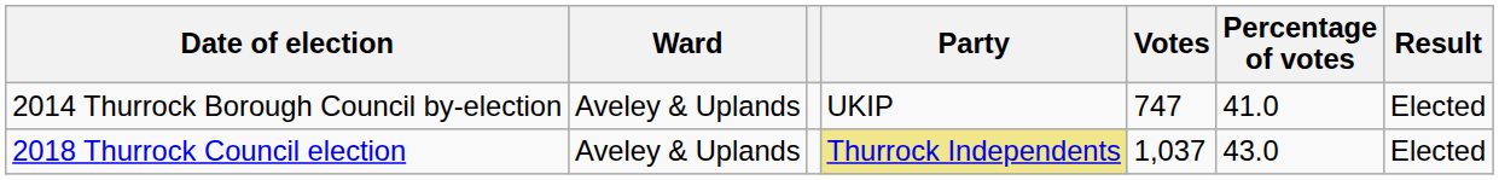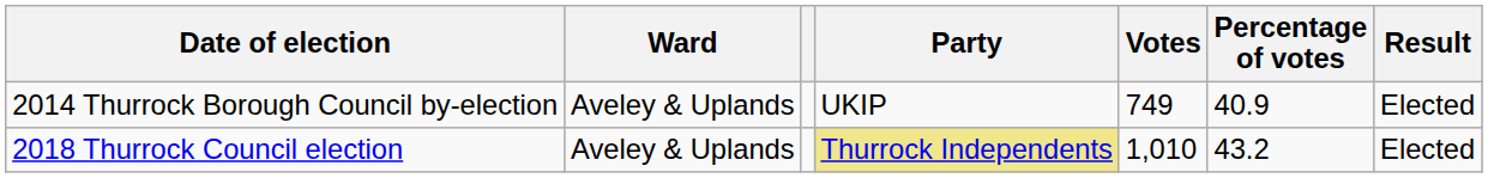 <table class="wikitable">
 <tr>
 <th>Date of election</th>
 <th>Ward</th>
 <th></th>
 <th>Party</th>
 <th>Votes</th>
 <th>Percentage<br>of votes</th>
 <th>Result</th>
 </tr>
 <tr>
 <td>2014 Thurrock Borough Council by-election</td>
 <td>Aveley & Uplands</td>
 <td style="background-color: "></td>
 <td>UKIP</td>
-<td>747</td>
-<td>41.0</td>
+<td>749</td>
+<td>40.9</td>
 <td>Elected</td>
 </tr>
 <tr>
 <td><a href='#'>2018 Thurrock Council election</a></td>
 <td>Aveley & Uplands</td>
 <td style="background-color: "></td>
 <td style="background: khaki;"><a href='#'>Thurrock Independents</a></td>
-<td>1,037</td>
-<td>43.0</td>
+<td>1,010</td>
+<td>43.2</td>
 <td>Elected</td>
 </tr>
 </table>
